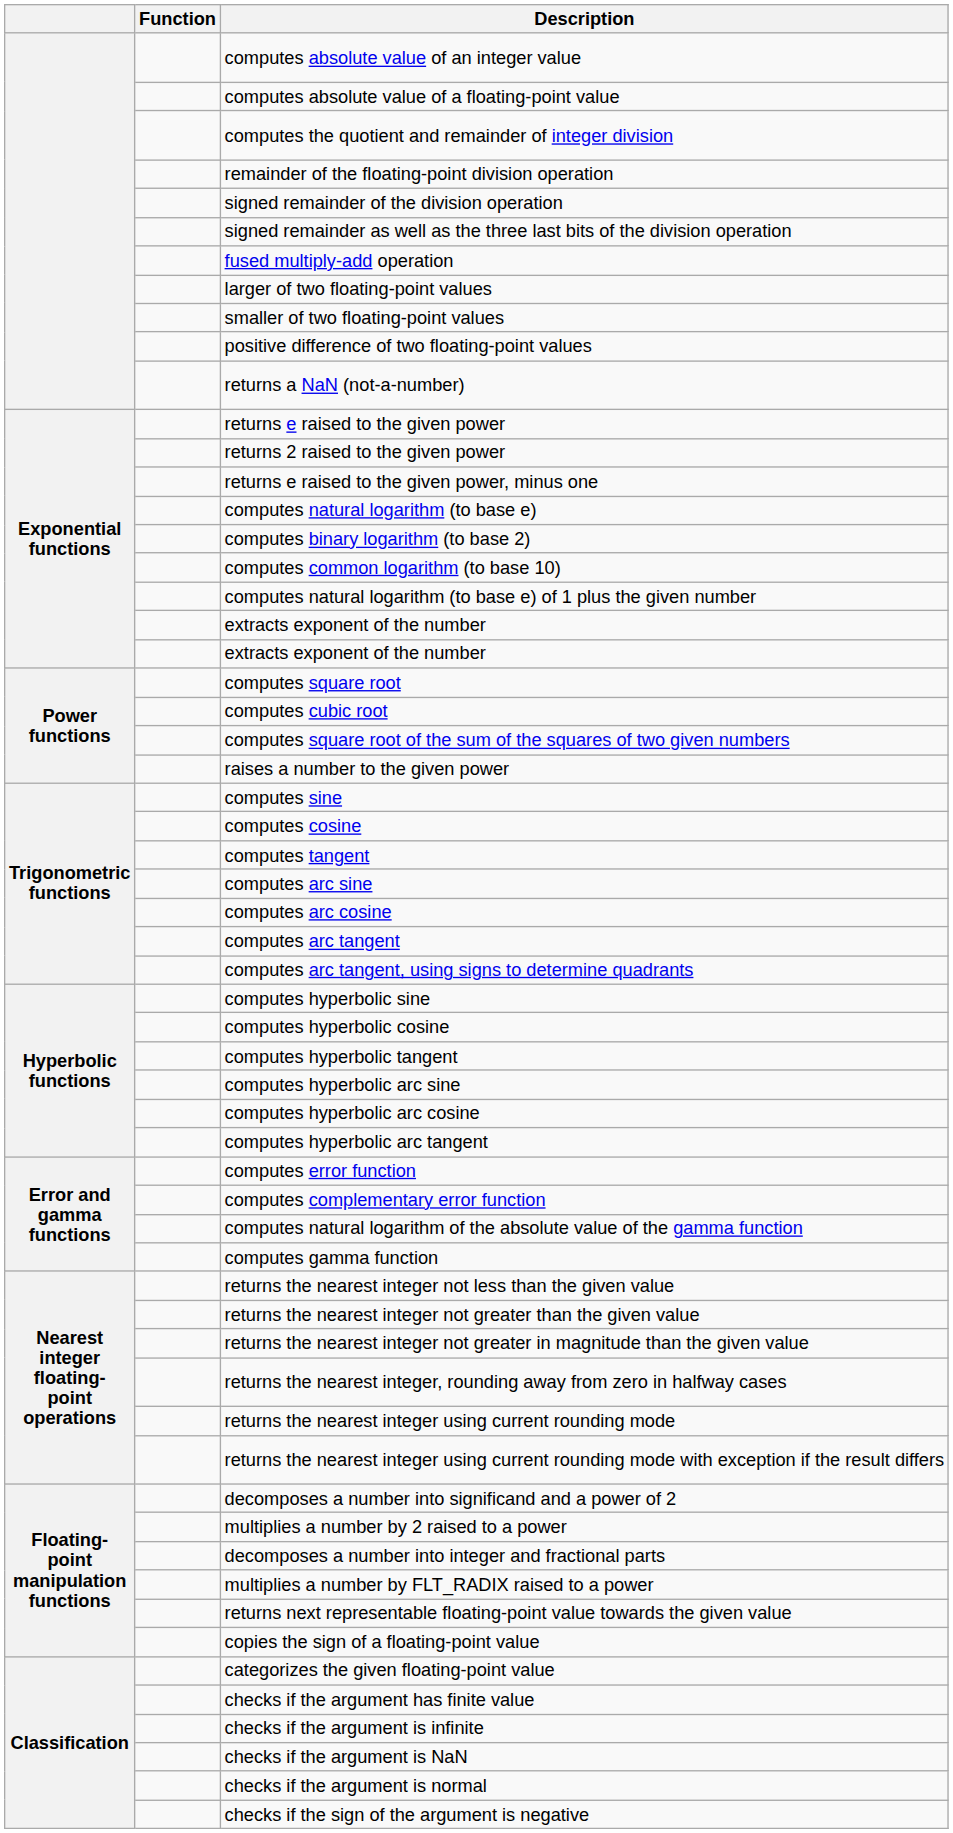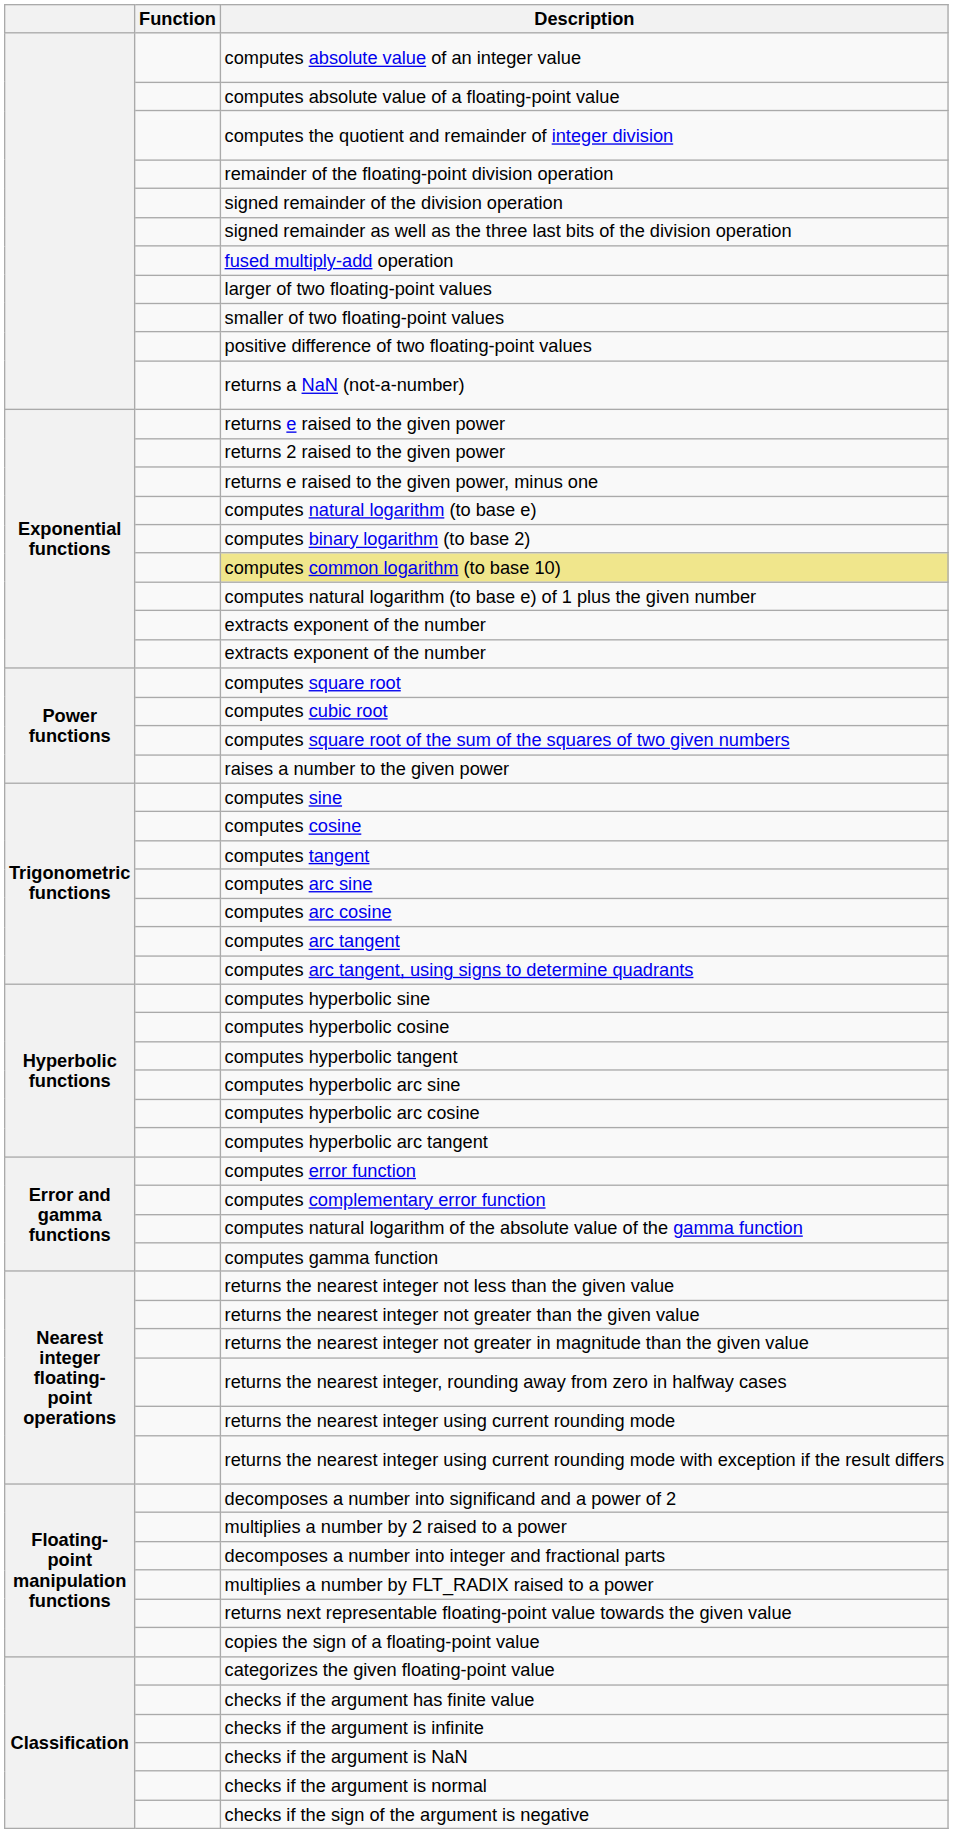 <table class="wikitable" style="font-size:0.85em">
 <tr>
 <th></th>
 <th>Function</th>
 <th>Description</th>
 </tr>
 <tr>
 <th rowspan=11></th>
 <td><code></code><br><code></code><br><code></code></td>
 <td>computes <a href='#'>absolute value</a> of an integer value</td>
 </tr>
 <tr>
 <td><code></code></td>
 <td>computes absolute value of a floating-point value</td>
 </tr>
 <tr>
 <td><code></code><br><code></code><br><code></code></td>
 <td>computes the quotient and remainder of <a href='#'>integer division</a></td>
 </tr>
 <tr>
 <td><code></code></td>
 <td>remainder of the floating-point division operation</td>
 </tr>
 <tr>
 <td><code></code></td>
 <td>signed remainder of the division operation</td>
 </tr>
 <tr>
 <td><code></code></td>
 <td>signed remainder as well as the three last bits of the division operation</td>
 </tr>
 <tr>
 <td><code></code></td>
 <td><a href='#'>fused multiply-add</a> operation</td>
 </tr>
 <tr>
 <td><code></code></td>
 <td>larger of two floating-point values</td>
 </tr>
 <tr>
 <td><code></code></td>
 <td>smaller of two floating-point values</td>
 </tr>
 <tr>
 <td><code></code></td>
 <td>positive difference of two floating-point values</td>
 </tr>
 <tr>
 <td><code></code><br><code></code><br><code></code></td>
 <td>returns a <a href='#'>NaN</a> (not-a-number)</td>
 </tr>
 <tr>
 <th rowspan=9>Exponential<br>functions</th>
 <td><code></code></td>
 <td>returns <a href='#'>e</a> raised to the given power</td>
 </tr>
 <tr>
 <td><code></code></td>
 <td>returns 2 raised to the given power</td>
 </tr>
 <tr>
 <td><code></code></td>
 <td>returns e raised to the given power, minus one</td>
 </tr>
 <tr>
 <td><code></code></td>
 <td>computes <a href='#'>natural logarithm</a> (to base e)</td>
 </tr>
 <tr>
 <td><code></code></td>
 <td>computes <a href='#'>binary logarithm</a> (to base 2)</td>
 </tr>
 <tr>
 <td><code></code></td>
-<td>computes <a href='#'>common logarithm</a> (to base 10)</td>
+<td style="background: khaki;">computes <a href='#'>common logarithm</a> (to base 10)</td>
 </tr>
 <tr>
 <td><code></code></td>
 <td>computes natural logarithm (to base e) of 1 plus the given number</td>
 </tr>
 <tr>
 <td><code></code></td>
 <td>extracts exponent of the number</td>
 </tr>
 <tr>
 <td><code></code></td>
 <td>extracts exponent of the number</td>
 </tr>
 <tr>
 <th rowspan=4>Power<br>functions</th>
 <td><code></code></td>
 <td>computes <a href='#'>square root</a></td>
 </tr>
 <tr>
 <td><code></code></td>
 <td>computes <a href='#'>cubic root</a></td>
 </tr>
 <tr>
 <td><code></code></td>
 <td>computes <a href='#'>square root of the sum of the squares of two given numbers</a></td>
 </tr>
 <tr>
 <td><code></code></td>
 <td>raises a number to the given power</td>
 </tr>
 <tr>
 <th rowspan=7>Trigonometric<br>functions</th>
 <td><code></code></td>
 <td>computes <a href='#'>sine</a></td>
 </tr>
 <tr>
 <td><code></code></td>
 <td>computes <a href='#'>cosine</a></td>
 </tr>
 <tr>
 <td><code></code></td>
 <td>computes <a href='#'>tangent</a></td>
 </tr>
 <tr>
 <td><code></code></td>
 <td>computes <a href='#'>arc sine</a></td>
 </tr>
 <tr>
 <td><code></code></td>
 <td>computes <a href='#'>arc cosine</a></td>
 </tr>
 <tr>
 <td><code></code></td>
 <td>computes <a href='#'>arc tangent</a></td>
 </tr>
 <tr>
 <td><code></code></td>
 <td>computes <a href='#'>arc tangent, using signs to determine quadrants</a></td>
 </tr>
 <tr>
 <th rowspan=6>Hyperbolic<br>functions</th>
 <td><code></code></td>
 <td>computes hyperbolic sine</td>
 </tr>
 <tr>
 <td><code></code></td>
 <td>computes hyperbolic cosine</td>
 </tr>
 <tr>
 <td><code></code></td>
 <td>computes hyperbolic tangent</td>
 </tr>
 <tr>
 <td><code></code></td>
 <td>computes hyperbolic arc sine</td>
 </tr>
 <tr>
 <td><code></code></td>
 <td>computes hyperbolic arc cosine</td>
 </tr>
 <tr>
 <td><code></code></td>
 <td>computes hyperbolic arc tangent</td>
 </tr>
 <tr>
 <th rowspan=4>Error and<br>gamma<br> functions</th>
 <td><code></code></td>
 <td>computes <a href='#'>error function</a></td>
 </tr>
 <tr>
 <td><code></code></td>
 <td>computes <a href='#'>complementary error function</a></td>
 </tr>
 <tr>
 <td><code></code></td>
 <td>computes natural logarithm of the absolute value of the <a href='#'>gamma function</a></td>
 </tr>
 <tr>
 <td><code></code></td>
 <td>computes gamma function</td>
 </tr>
 <tr>
 <th rowspan=6>Nearest<br>integer<br>floating-<br>point<br>operations</th>
 <td><code></code></td>
 <td>returns the nearest integer not less than the given value</td>
 </tr>
 <tr>
 <td><code></code></td>
 <td>returns the nearest integer not greater than the given value</td>
 </tr>
 <tr>
 <td><code></code></td>
 <td>returns the nearest integer not greater in magnitude than the given value</td>
 </tr>
 <tr>
 <td><code></code><br><code></code><br><code></code></td>
 <td>returns the nearest integer, rounding away from zero in halfway cases</td>
 </tr>
 <tr>
 <td><code></code></td>
 <td>returns the nearest integer using current rounding mode</td>
 </tr>
 <tr>
 <td><code></code><br><code></code><br><code></code></td>
 <td>returns the nearest integer using current rounding mode with exception if the result differs</td>
 </tr>
 <tr>
 <th rowspan=6>Floating-<br>point<br>manipulation<br>functions</th>
 <td><code></code></td>
 <td>decomposes a number into significand and a power of 2</td>
 </tr>
 <tr>
 <td><code></code></td>
 <td>multiplies a number by 2 raised to a power</td>
 </tr>
 <tr>
 <td><code></code></td>
 <td>decomposes a number into integer and fractional parts</td>
 </tr>
 <tr>
 <td><code></code><br><code></code></td>
 <td>multiplies a number by FLT_RADIX raised to a power</td>
 </tr>
 <tr>
 <td><code></code><br><code></code></td>
 <td>returns next representable floating-point value towards the given value</td>
 </tr>
 <tr>
 <td><code></code></td>
 <td>copies the sign of a floating-point value</td>
 </tr>
 <tr>
 <th rowspan=6>Classification</th>
 <td><code></code></td>
 <td>categorizes the given floating-point value</td>
 </tr>
 <tr>
 <td><code></code></td>
 <td>checks if the argument has finite value</td>
 </tr>
 <tr>
 <td><code></code></td>
 <td>checks if the argument is infinite</td>
 </tr>
 <tr>
 <td><code></code></td>
 <td>checks if the argument is NaN</td>
 </tr>
 <tr>
 <td><code></code></td>
 <td>checks if the argument is normal</td>
 </tr>
 <tr>
 <td><code></code></td>
 <td>checks if the sign of the argument is negative</td>
 </tr>
 </table>
